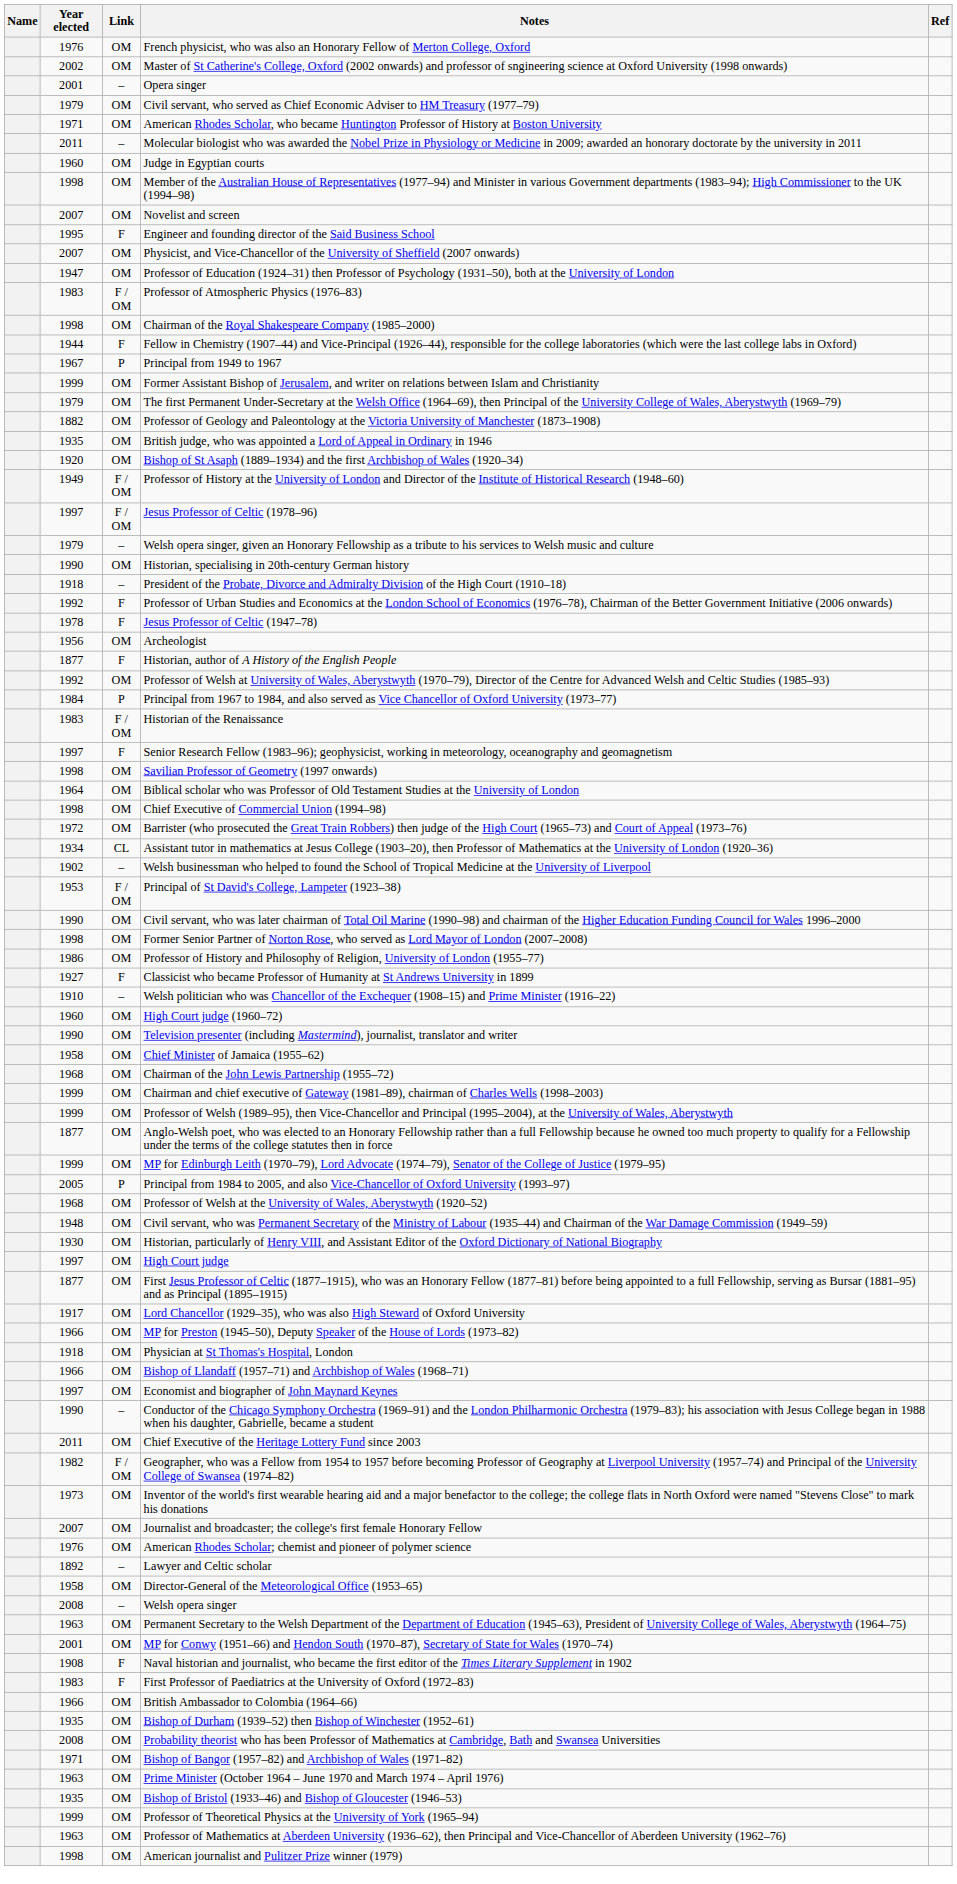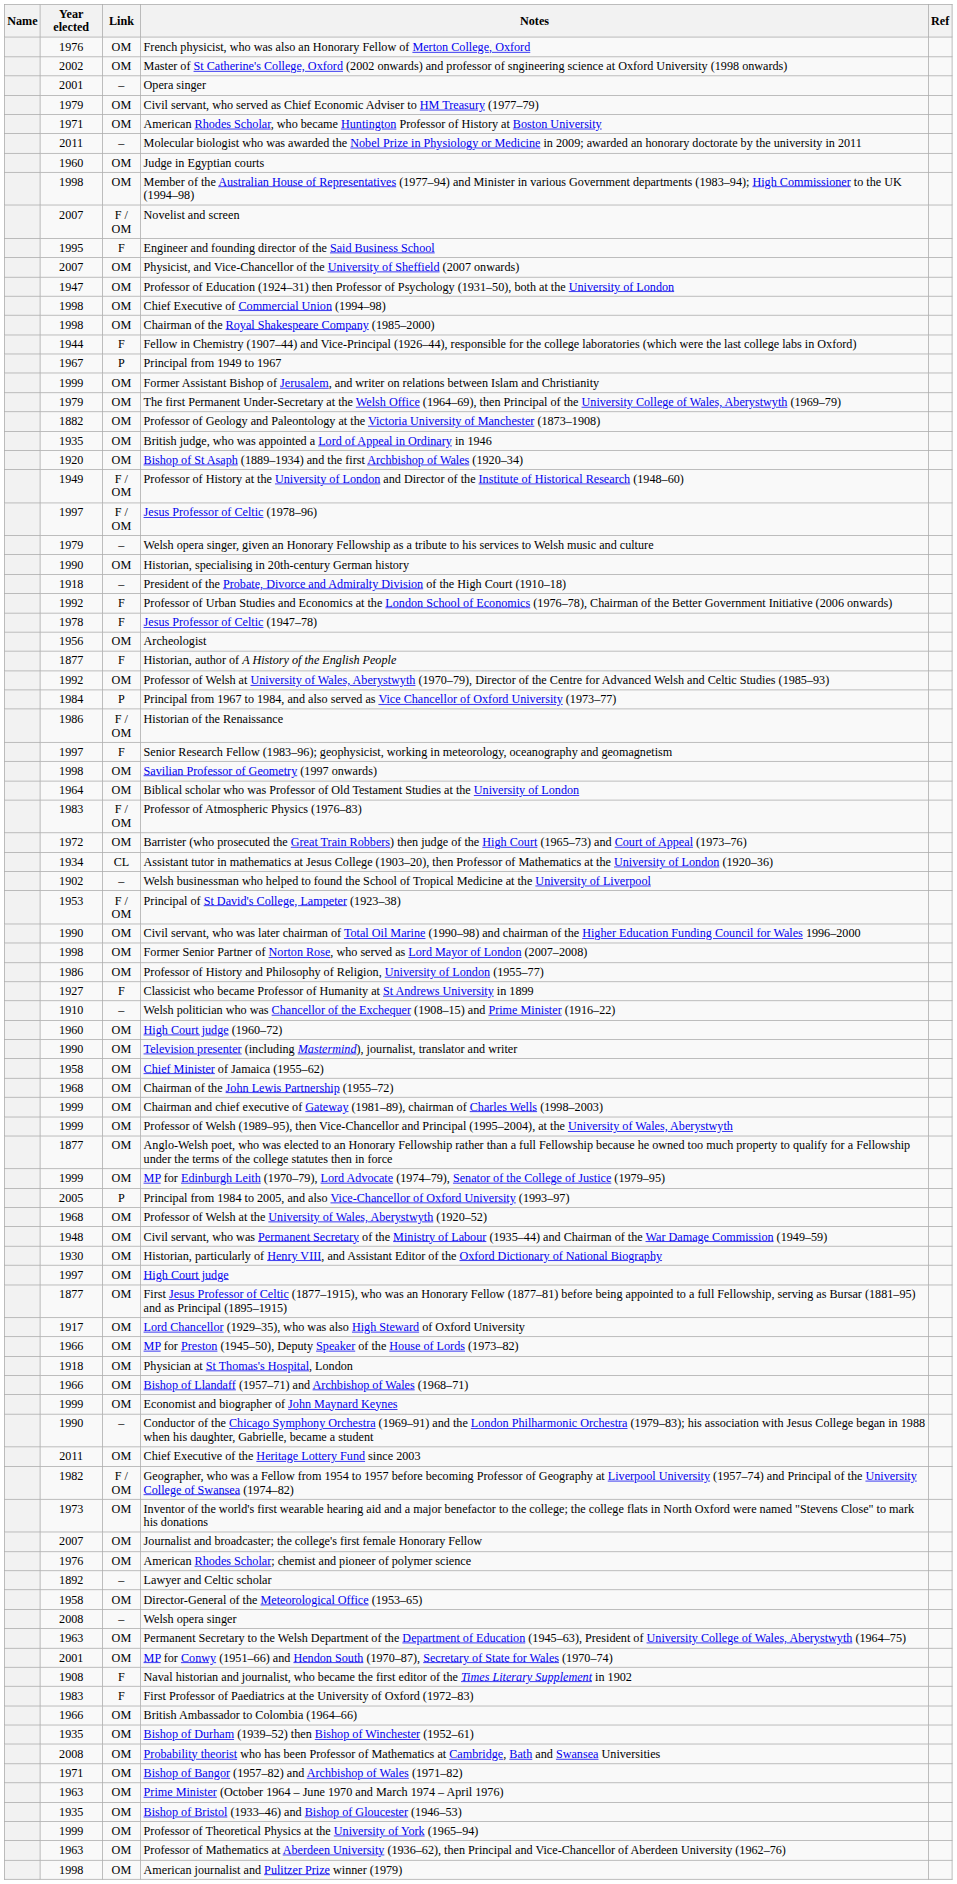 <table class="wikitable sortable">
 <tr>
 <th scope="col">Name</th>
 <th scope="col">Year elected</th>
 <th scope="col">Link</th>
 <th scope="col" class="unsortable">Notes</th>
 <th scope="col" class="unsortable">Ref</th>
 </tr>
 <tr valign="top">
 <th scope="row"></th>
 <td align="center">1976</td>
 <td align="center">OM</td>
 <td>French physicist, who was also an Honorary Fellow of <a href='#'>Merton College, Oxford</a></td>
 <td align="center"></td>
 </tr>
 <tr valign="top">
 <th scope="row"></th>
 <td align="center">2002</td>
 <td align="center">OM</td>
 <td>Master of <a href='#'>St Catherine's College, Oxford</a> (2002 onwards) and professor of sngineering science at Oxford University (1998 onwards)</td>
 <td align="center"></td>
 </tr>
 <tr valign="top">
 <th scope="row"></th>
 <td align="center">2001</td>
 <td align="center">–</td>
 <td>Opera singer</td>
 <td align="center"></td>
 </tr>
 <tr valign="top">
 <th scope="row"></th>
 <td align="center">1979</td>
 <td align="center">OM</td>
 <td>Civil servant, who served as Chief Economic Adviser to <a href='#'>HM Treasury</a> (1977–79)</td>
 <td align="center"></td>
 </tr>
 <tr valign="top">
 <th scope="row"></th>
 <td align="center">1971</td>
 <td align="center">OM</td>
 <td>American <a href='#'>Rhodes Scholar</a>, who became <a href='#'>Huntington</a> Professor of History at <a href='#'>Boston University</a></td>
 <td align="center"></td>
 </tr>
 <tr valign="top">
 <th scope="row"></th>
 <td align="center">2011</td>
 <td align="center">–</td>
 <td>Molecular biologist who was awarded the <a href='#'>Nobel Prize in Physiology or Medicine</a> in 2009; awarded an honorary doctorate by the university in 2011</td>
 <td align="center"></td>
 </tr>
 <tr valign="top">
 <th scope="row"></th>
 <td align="center">1960</td>
 <td align="center">OM</td>
 <td>Judge in Egyptian courts</td>
 <td align="center"></td>
 </tr>
 <tr valign="top">
 <th scope="row"></th>
 <td align="center">1998</td>
 <td align="center">OM</td>
 <td>Member of the <a href='#'>Australian House of Representatives</a> (1977–94) and Minister in various Government departments (1983–94); <a href='#'>High Commissioner</a> to the UK (1994–98)</td>
 <td align="center"></td>
 </tr>
 <tr valign="top">
 <th scope="row"></th>
 <td align="center">2007</td>
-<td align="center">OM</td>
+<td align="center">F / OM</td>
 <td>Novelist and screen</td>
 <td align="center"></td>
 </tr>
 <tr valign="top">
 <th scope="row"></th>
 <td align="center">1995</td>
 <td align="center">F</td>
 <td>Engineer and founding director of the <a href='#'>Said Business School</a></td>
 <td align="center"></td>
 </tr>
 <tr valign="top">
 <th scope="row"></th>
 <td align="center">2007</td>
 <td align="center">OM</td>
 <td>Physicist, and Vice-Chancellor of the <a href='#'>University of Sheffield</a> (2007 onwards)</td>
 <td align="center"></td>
 </tr>
 <tr valign="top">
 <th scope="row"></th>
 <td align="center">1947</td>
 <td align="center">OM</td>
 <td>Professor of Education (1924–31) then Professor of Psychology (1931–50), both at the <a href='#'>University of London</a></td>
 <td align="center"></td>
 </tr>
 <tr valign="top">
 <th scope="row"></th>
-<td align="center">1983</td>
-<td align="center">F / OM</td>
-<td>Professor of Atmospheric Physics (1976–83)</td>
+<td align="center">1998</td>
+<td align="center">OM</td>
+<td>Chief Executive of <a href='#'>Commercial Union</a> (1994–98)</td>
 <td align="center"></td>
 </tr>
 <tr valign="top">
 <th scope="row"></th>
 <td align="center">1998</td>
 <td align="center">OM</td>
 <td>Chairman of the <a href='#'>Royal Shakespeare Company</a> (1985–2000)</td>
 <td align="center"></td>
 </tr>
 <tr valign="top">
 <th scope="row"></th>
 <td align="center">1944</td>
 <td align="center">F</td>
 <td>Fellow in Chemistry (1907–44) and Vice-Principal (1926–44), responsible for the college laboratories (which were the last college labs in Oxford)</td>
 <td align="center"></td>
 </tr>
 <tr valign="top">
 <th scope="row"></th>
 <td align="center">1967</td>
 <td align="center">P</td>
 <td>Principal from 1949 to 1967</td>
 <td align="center"></td>
 </tr>
 <tr valign="top">
 <th scope="row"></th>
 <td align="center">1999</td>
 <td align="center">OM</td>
 <td>Former Assistant Bishop of <a href='#'>Jerusalem</a>, and writer on relations between Islam and Christianity</td>
 <td align="center"></td>
 </tr>
 <tr valign="top">
 <th scope="row"></th>
 <td align="center">1979</td>
 <td align="center">OM</td>
 <td>The first Permanent Under-Secretary at the <a href='#'>Welsh Office</a> (1964–69), then Principal of the <a href='#'>University College of Wales, Aberystwyth</a> (1969–79)</td>
 <td align="center"></td>
 </tr>
 <tr valign="top">
 <th scope="row"></th>
 <td align="center">1882</td>
 <td align="center">OM</td>
 <td>Professor of Geology and Paleontology at the <a href='#'>Victoria University of Manchester</a> (1873–1908)</td>
 <td align="center"></td>
 </tr>
 <tr valign="top">
 <th scope="row"></th>
 <td align="center">1935</td>
 <td align="center">OM</td>
 <td>British judge, who was appointed a <a href='#'>Lord of Appeal in Ordinary</a> in 1946</td>
 <td align="center"></td>
 </tr>
 <tr valign="top">
 <th scope="row"></th>
 <td align="center">1920</td>
 <td align="center">OM</td>
 <td><a href='#'>Bishop of St Asaph</a> (1889–1934) and the first <a href='#'>Archbishop of Wales</a> (1920–34)</td>
 <td align="center"></td>
 </tr>
 <tr valign="top">
 <th scope="row"></th>
 <td align="center">1949</td>
 <td align="center">F / OM</td>
 <td>Professor of History at the <a href='#'>University of London</a> and Director of the <a href='#'>Institute of Historical Research</a> (1948–60)</td>
 <td align="center"></td>
 </tr>
 <tr valign="top">
 <th scope="row"></th>
 <td align="center">1997</td>
 <td align="center">F / OM</td>
 <td><a href='#'>Jesus Professor of Celtic</a> (1978–96)</td>
 <td align="center"></td>
 </tr>
 <tr valign="top">
 <th scope="row"></th>
 <td align="center">1979</td>
 <td align="center">–</td>
 <td>Welsh opera singer, given an Honorary Fellowship as a tribute to his services to Welsh music and culture</td>
 <td align="center"></td>
 </tr>
 <tr valign="top">
 <th scope="row"></th>
 <td align="center">1990</td>
 <td align="center">OM</td>
 <td>Historian, specialising in 20th-century German history</td>
 <td align="center"></td>
 </tr>
 <tr valign="top">
 <th scope="row"></th>
 <td align="center">1918</td>
 <td align="center">–</td>
 <td>President of the <a href='#'>Probate, Divorce and Admiralty Division</a> of the High Court (1910–18)</td>
 <td align="center"></td>
 </tr>
 <tr valign="top">
 <th scope="row"></th>
 <td align="center">1992</td>
 <td align="center">F</td>
 <td>Professor of Urban Studies and Economics at the <a href='#'>London School of Economics</a> (1976–78), Chairman of the Better Government Initiative (2006 onwards)</td>
 <td align="center"></td>
 </tr>
 <tr valign="top">
 <th scope="row"></th>
 <td align="center">1978</td>
 <td align="center">F</td>
 <td><a href='#'>Jesus Professor of Celtic</a> (1947–78)</td>
 <td align="center"></td>
 </tr>
 <tr valign="top">
 <th scope="row"></th>
 <td align="center">1956</td>
 <td align="center">OM</td>
 <td>Archeologist</td>
 <td align="center"></td>
 </tr>
 <tr valign="top">
 <th scope="row"></th>
 <td align="center">1877</td>
 <td align="center">F</td>
 <td>Historian, author of <em>A History of the English People</em></td>
 <td align="center"></td>
 </tr>
 <tr valign="top">
 <th scope="row"></th>
 <td align="center">1992</td>
 <td align="center">OM</td>
 <td>Professor of Welsh at <a href='#'>University of Wales, Aberystwyth</a> (1970–79), Director of the Centre for Advanced Welsh and Celtic Studies (1985–93)</td>
 <td align="center"></td>
 </tr>
 <tr valign="top">
 <th scope="row"></th>
 <td align="center">1984</td>
 <td align="center">P</td>
 <td>Principal from 1967 to 1984, and also served as <a href='#'>Vice Chancellor of Oxford University</a> (1973–77)</td>
 <td align="center"></td>
 </tr>
 <tr valign="top">
 <th scope="row"></th>
-<td align="center">1983</td>
+<td align="center">1986</td>
 <td align="center">F / OM</td>
 <td>Historian of the Renaissance</td>
 <td align="center"></td>
 </tr>
 <tr valign="top">
 <th scope="row"></th>
 <td align="center">1997</td>
 <td align="center">F</td>
 <td>Senior Research Fellow (1983–96); geophysicist, working in meteorology, oceanography and geomagnetism</td>
 <td align="center"></td>
 </tr>
 <tr valign="top">
 <th scope="row"></th>
 <td align="center">1998</td>
 <td align="center">OM</td>
 <td><a href='#'>Savilian Professor of Geometry</a> (1997 onwards)</td>
 <td align="center"></td>
 </tr>
 <tr valign="top">
 <th scope="row"></th>
 <td align="center">1964</td>
 <td align="center">OM</td>
 <td>Biblical scholar who was Professor of Old Testament Studies at the <a href='#'>University of London</a></td>
 <td align="center"></td>
 </tr>
 <tr valign="top">
 <th scope="row"></th>
-<td align="center">1998</td>
-<td align="center">OM</td>
-<td>Chief Executive of <a href='#'>Commercial Union</a> (1994–98)</td>
+<td align="center">1983</td>
+<td align="center">F / OM</td>
+<td>Professor of Atmospheric Physics (1976–83)</td>
 <td align="center"></td>
 </tr>
 <tr valign="top">
 <th scope="row"></th>
 <td align="center">1972</td>
 <td align="center">OM</td>
 <td>Barrister (who prosecuted the <a href='#'>Great Train Robbers</a>) then judge of the <a href='#'>High Court</a> (1965–73) and <a href='#'>Court of Appeal</a> (1973–76)</td>
 <td align="center"></td>
 </tr>
 <tr valign="top">
 <th scope="row"></th>
 <td align="center">1934</td>
 <td align="center">CL</td>
 <td>Assistant tutor in mathematics at Jesus College (1903–20), then Professor of Mathematics at the <a href='#'>University of London</a> (1920–36)</td>
 <td align="center"></td>
 </tr>
 <tr valign="top">
 <th scope="row"></th>
 <td align="center">1902</td>
 <td align="center">–</td>
 <td>Welsh businessman who helped to found the School of Tropical Medicine at the <a href='#'>University of Liverpool</a></td>
 <td align="center"></td>
 </tr>
 <tr valign="top">
 <th scope="row"></th>
 <td align="center">1953</td>
 <td align="center">F / OM</td>
 <td>Principal of <a href='#'>St David's College, Lampeter</a> (1923–38)</td>
 <td align="center"></td>
 </tr>
 <tr valign="top">
 <th scope="row"></th>
 <td align="center">1990</td>
 <td align="center">OM</td>
 <td>Civil servant, who was later chairman of <a href='#'>Total Oil Marine</a> (1990–98) and chairman of the <a href='#'>Higher Education Funding Council for Wales</a> 1996–2000</td>
 <td align="center"></td>
 </tr>
 <tr valign="top">
 <th scope="row"></th>
 <td align="center">1998</td>
 <td align="center">OM</td>
 <td>Former Senior Partner of <a href='#'>Norton Rose</a>, who served as <a href='#'>Lord Mayor of London</a> (2007–2008)</td>
 <td align="center"></td>
 </tr>
 <tr valign="top">
 <th scope="row"></th>
 <td align="center">1986</td>
 <td align="center">OM</td>
 <td>Professor of History and Philosophy of Religion, <a href='#'>University of London</a> (1955–77)</td>
 <td align="center"></td>
 </tr>
 <tr valign="top">
 <th scope="row"></th>
 <td align="center">1927</td>
 <td align="center">F</td>
 <td>Classicist who became Professor of Humanity at <a href='#'>St Andrews University</a> in 1899</td>
 <td align="center"></td>
 </tr>
 <tr valign="top">
 <th scope="row"></th>
 <td align="center">1910</td>
 <td align="center">–</td>
 <td>Welsh politician who was <a href='#'>Chancellor of the Exchequer</a> (1908–15) and <a href='#'>Prime Minister</a> (1916–22)</td>
 <td align="center"></td>
 </tr>
 <tr valign="top">
 <th scope="row"></th>
 <td align="center">1960</td>
 <td align="center">OM</td>
 <td><a href='#'>High Court judge</a> (1960–72)</td>
 <td align="center"></td>
 </tr>
 <tr valign="top">
 <th scope="row"></th>
 <td align="center">1990</td>
 <td align="center">OM</td>
 <td><a href='#'>Television presenter</a> (including <em><a href='#'>Mastermind</a></em>), journalist, translator and writer</td>
 <td align="center"></td>
 </tr>
 <tr valign="top">
 <th scope="row"></th>
 <td align="center">1958</td>
 <td align="center">OM</td>
 <td><a href='#'>Chief Minister</a> of Jamaica (1955–62)</td>
 <td align="center"></td>
 </tr>
 <tr valign="top">
 <th scope="row"></th>
 <td align="center">1968</td>
 <td align="center">OM</td>
 <td>Chairman of the <a href='#'>John Lewis Partnership</a> (1955–72)</td>
 <td align="center"></td>
 </tr>
 <tr valign="top">
 <th scope="row"></th>
 <td align="center">1999</td>
 <td align="center">OM</td>
 <td>Chairman and chief executive of <a href='#'>Gateway</a> (1981–89), chairman of <a href='#'>Charles Wells</a> (1998–2003)</td>
 <td align="center"></td>
 </tr>
 <tr valign="top">
 <th scope="row"></th>
 <td align="center">1999</td>
 <td align="center">OM</td>
 <td>Professor of Welsh (1989–95), then Vice-Chancellor and Principal (1995–2004), at the <a href='#'>University of Wales, Aberystwyth</a></td>
 <td align="center"></td>
 </tr>
 <tr valign="top">
 <th scope="row"></th>
 <td align="center">1877</td>
 <td align="center">OM</td>
 <td>Anglo-Welsh poet, who was elected to an Honorary Fellowship rather than a full Fellowship because he owned too much property to qualify for a Fellowship under the terms of the college statutes then in force</td>
 <td align="center"></td>
 </tr>
 <tr valign="top">
 <th scope="row"></th>
 <td align="center">1999</td>
 <td align="center">OM</td>
 <td><a href='#'>MP</a> for <a href='#'>Edinburgh Leith</a> (1970–79), <a href='#'>Lord Advocate</a> (1974–79), <a href='#'>Senator of the College of Justice</a> (1979–95)</td>
 <td align="center"></td>
 </tr>
 <tr valign="top">
 <th scope="row"></th>
 <td align="center">2005</td>
 <td align="center">P</td>
 <td>Principal from 1984 to 2005, and also <a href='#'>Vice-Chancellor of Oxford University</a> (1993–97)</td>
 <td align="center"></td>
 </tr>
 <tr valign="top">
 <th scope="row"></th>
 <td align="center">1968</td>
 <td align="center">OM</td>
 <td>Professor of Welsh at the <a href='#'>University of Wales, Aberystwyth</a> (1920–52)</td>
 <td align="center"></td>
 </tr>
 <tr valign="top">
 <th scope="row"></th>
 <td align="center">1948</td>
 <td align="center">OM</td>
 <td>Civil servant, who was <a href='#'>Permanent Secretary</a> of the <a href='#'>Ministry of Labour</a> (1935–44) and Chairman of the <a href='#'>War Damage Commission</a> (1949–59)</td>
 <td align="center"></td>
 </tr>
 <tr valign="top">
 <th scope="row"></th>
 <td align="center">1930</td>
 <td align="center">OM</td>
 <td>Historian, particularly of <a href='#'>Henry VIII</a>, and Assistant Editor of the <a href='#'>Oxford Dictionary of National Biography</a></td>
 <td align="center"></td>
 </tr>
 <tr valign="top">
 <th scope="row"></th>
 <td align="center">1997</td>
 <td align="center">OM</td>
 <td><a href='#'>High Court judge</a></td>
 <td align="center"></td>
 </tr>
 <tr valign="top">
 <th scope="row"></th>
 <td align="center">1877</td>
 <td align="center">OM</td>
 <td>First <a href='#'>Jesus Professor of Celtic</a> (1877–1915), who was an Honorary Fellow (1877–81) before being appointed to a full Fellowship, serving as Bursar (1881–95) and as Principal (1895–1915)</td>
 <td align="center"></td>
 </tr>
 <tr valign="top">
 <th scope="row"></th>
 <td align="center">1917</td>
 <td align="center">OM</td>
 <td><a href='#'>Lord Chancellor</a> (1929–35), who was also <a href='#'>High Steward</a> of Oxford University</td>
 <td align="center"></td>
 </tr>
 <tr valign="top">
 <th scope="row"></th>
 <td align="center">1966</td>
 <td align="center">OM</td>
 <td><a href='#'>MP</a> for <a href='#'>Preston</a> (1945–50), Deputy <a href='#'>Speaker</a> of the <a href='#'>House of Lords</a> (1973–82)</td>
 <td align="center"></td>
 </tr>
 <tr valign="top">
 <th scope="row"></th>
 <td align="center">1918</td>
 <td align="center">OM</td>
 <td>Physician at <a href='#'>St Thomas's Hospital</a>, London</td>
 <td align="center"></td>
 </tr>
 <tr valign="top">
 <th scope="row"></th>
 <td align="center">1966</td>
 <td align="center">OM</td>
 <td><a href='#'>Bishop of Llandaff</a> (1957–71) and <a href='#'>Archbishop of Wales</a> (1968–71)</td>
 <td align="center"></td>
 </tr>
 <tr valign="top">
 <th scope="row"></th>
-<td align="center">1997</td>
+<td align="center">1999</td>
 <td align="center">OM</td>
 <td>Economist and biographer of <a href='#'>John Maynard Keynes</a></td>
 <td align="center"></td>
 </tr>
 <tr valign="top">
 <th scope="row"></th>
 <td align="center">1990</td>
 <td align="center">–</td>
 <td>Conductor of the <a href='#'>Chicago Symphony Orchestra</a> (1969–91) and the <a href='#'>London Philharmonic Orchestra</a> (1979–83); his association with Jesus College began in 1988 when his daughter, Gabrielle, became a student</td>
 <td align="center"></td>
 </tr>
 <tr valign="top">
 <th scope="row"></th>
 <td align="center">2011</td>
 <td align="center">OM</td>
 <td>Chief Executive of the <a href='#'>Heritage Lottery Fund</a> since 2003</td>
 <td align="center"></td>
 </tr>
 <tr valign="top">
 <th scope="row"></th>
 <td align="center">1982</td>
 <td align="center">F / OM</td>
 <td>Geographer, who was a Fellow from 1954 to 1957 before becoming Professor of Geography at <a href='#'>Liverpool University</a> (1957–74) and Principal of the <a href='#'>University College of Swansea</a> (1974–82)</td>
 <td align="center"></td>
 </tr>
 <tr valign="top">
 <th scope="row"></th>
 <td align="center">1973</td>
 <td align="center">OM</td>
 <td>Inventor of the world's first wearable hearing aid and a major benefactor to the college; the college flats in North Oxford were named "Stevens Close" to mark his donations</td>
 <td align="center"></td>
 </tr>
 <tr valign="top">
 <th scope="row"></th>
 <td align="center">2007</td>
 <td align="center">OM</td>
 <td>Journalist and broadcaster; the college's first female Honorary Fellow</td>
 <td align="center"></td>
 </tr>
 <tr valign="top">
 <th scope="row"></th>
 <td align="center">1976</td>
 <td align="center">OM</td>
 <td>American <a href='#'>Rhodes Scholar</a>; chemist and pioneer of polymer science</td>
 <td align="center"></td>
 </tr>
 <tr valign="top">
 <th scope="row"></th>
 <td align="center">1892</td>
 <td align="center">–</td>
 <td>Lawyer and Celtic scholar</td>
 <td align="center"></td>
 </tr>
 <tr valign="top">
 <th scope="row"></th>
 <td align="center">1958</td>
 <td align="center">OM</td>
 <td>Director-General of the <a href='#'>Meteorological Office</a> (1953–65)</td>
 <td align="center"></td>
 </tr>
 <tr valign="top">
 <th scope="row"></th>
 <td align="center">2008</td>
 <td align="center">–</td>
 <td>Welsh opera singer</td>
 <td align="center"></td>
 </tr>
 <tr valign="top">
 <th scope="row"></th>
 <td align="center">1963</td>
 <td align="center">OM</td>
 <td>Permanent Secretary to the Welsh Department of the <a href='#'>Department of Education</a> (1945–63), President of <a href='#'>University College of Wales, Aberystwyth</a> (1964–75)</td>
 <td align="center"></td>
 </tr>
 <tr valign="top">
 <th scope="row"></th>
 <td align="center">2001</td>
 <td align="center">OM</td>
 <td><a href='#'>MP</a> for <a href='#'>Conwy</a> (1951–66) and <a href='#'>Hendon South</a> (1970–87), <a href='#'>Secretary of State for Wales</a> (1970–74)</td>
 <td align="center"></td>
 </tr>
 <tr valign="top">
 <th scope="row"></th>
 <td align="center">1908</td>
 <td align="center">F</td>
 <td>Naval historian and journalist, who became the first editor of the <em><a href='#'>Times Literary Supplement</a></em> in 1902</td>
 <td align="center"></td>
 </tr>
 <tr valign="top">
 <th scope="row"></th>
 <td align="center">1983</td>
 <td align="center">F</td>
 <td>First Professor of Paediatrics at the University of Oxford (1972–83)</td>
 <td align="center"></td>
 </tr>
 <tr valign="top">
 <th scope="row"></th>
 <td align="center">1966</td>
 <td align="center">OM</td>
 <td>British Ambassador to Colombia (1964–66)</td>
 <td align="center"></td>
 </tr>
 <tr valign="top">
 <th scope="row"></th>
 <td align="center">1935</td>
 <td align="center">OM</td>
 <td><a href='#'>Bishop of Durham</a> (1939–52) then <a href='#'>Bishop of Winchester</a> (1952–61)</td>
 <td align="center"></td>
 </tr>
 <tr valign="top">
 <th scope="row"></th>
 <td align="center">2008</td>
 <td align="center">OM</td>
 <td><a href='#'>Probability theorist</a> who has been Professor of Mathematics at <a href='#'>Cambridge</a>, <a href='#'>Bath</a> and <a href='#'>Swansea</a> Universities</td>
 <td align="center"></td>
 </tr>
 <tr valign="top">
 <th scope="row"></th>
 <td align="center">1971</td>
 <td align="center">OM</td>
 <td><a href='#'>Bishop of Bangor</a> (1957–82) and <a href='#'>Archbishop of Wales</a> (1971–82)</td>
 <td align="center"></td>
 </tr>
 <tr valign="top">
 <th scope="row"></th>
 <td align="center">1963</td>
 <td align="center">OM</td>
 <td><a href='#'>Prime Minister</a> (October 1964 – June 1970 and March 1974 – April 1976)</td>
 <td align="center"></td>
 </tr>
 <tr valign="top">
 <th scope="row"></th>
 <td align="center">1935</td>
 <td align="center">OM</td>
 <td><a href='#'>Bishop of Bristol</a> (1933–46) and <a href='#'>Bishop of Gloucester</a> (1946–53)</td>
 <td align="center"></td>
 </tr>
 <tr valign="top">
 <th scope="row"></th>
 <td align="center">1999</td>
 <td align="center">OM</td>
 <td>Professor of Theoretical Physics at the <a href='#'>University of York</a> (1965–94)</td>
 <td align="center"></td>
 </tr>
 <tr valign="top">
 <th scope="row"></th>
 <td align="center">1963</td>
 <td align="center">OM</td>
 <td>Professor of Mathematics at <a href='#'>Aberdeen University</a> (1936–62), then Principal and Vice-Chancellor of Aberdeen University (1962–76)</td>
 <td align="center"></td>
 </tr>
 <tr valign="top">
 <th scope="row"></th>
 <td align="center">1998</td>
 <td align="center">OM</td>
 <td>American journalist and <a href='#'>Pulitzer Prize</a> winner (1979)</td>
 <td align="center"></td>
 </tr>
 </table>
